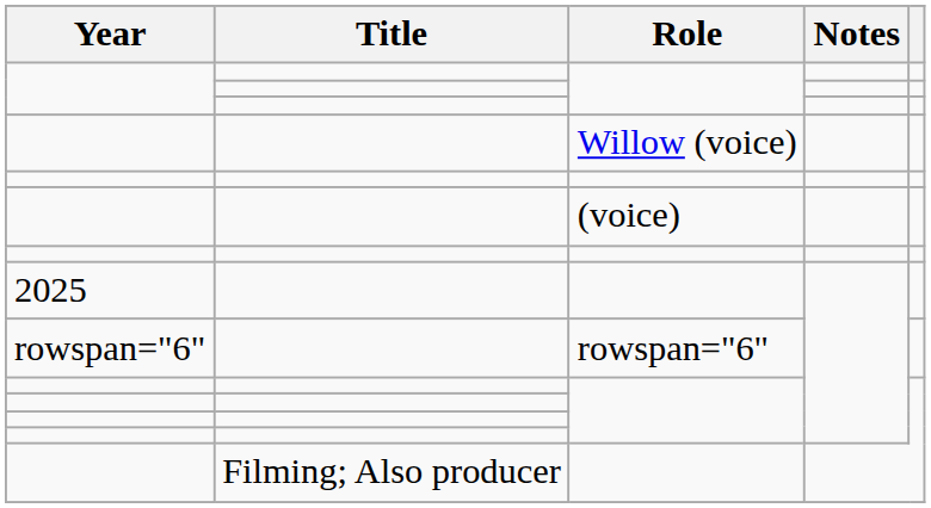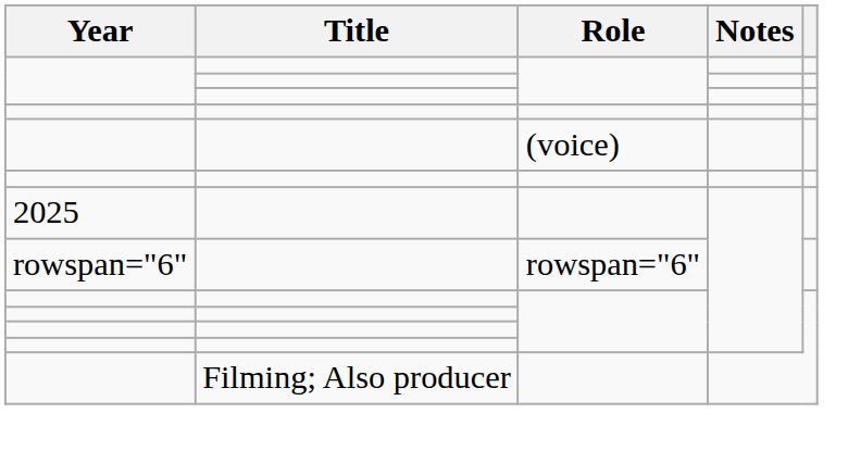 <table class="wikitable sortable plainrowheaders">
 <tr>
 <th scope="col">Year</th>
 <th scope="col">Title</th>
 <th scope="col">Role</th>
 <th scope="col" class="unsortable">Notes</th>
 <th scope="col" class="unsortable"></th>
 </tr>
 <tr>
 <td rowspan="3"></td>
 <td><em></em></td>
 <td rowspan="3"></td>
 <td></td>
 <td></td>
 </tr>
 <tr>
 <td><em></em></td>
 <td></td>
 <td></td>
 </tr>
 <tr>
 <td><em></em></td>
-<td></td>
-<td></td>
-</tr>
-<tr>
-<td></td>
-<td><em></em></td>
-<td><a href='#'>Willow</a> (voice)</td>
 <td></td>
 <td></td>
 </tr>
 <tr>
 <td></td>
 <td><em></em></td>
 <td></td>
 <td></td>
 <td></td>
 </tr>
 <tr>
 <td></td>
 <td><em></em></td>
 <td> (voice)</td>
 <td></td>
 <td></td>
 </tr>
 <tr>
 <td></td>
 <td><em></em></td>
 <td></td>
 <td></td>
 <td></td>
 </tr>
 <tr>
 <td>2025</td>
 <td></td>
 <td></td>
 <td rowspan="6"></td>
 <td></td>
 </tr>
 <tr>
 <td>rowspan="6" </td>
 <td></td>
 <td>rowspan="6"  </td>
 <td></td>
 </tr>
 <tr>
 <td></td>
 <td></td>
 </tr>
 <tr>
 <td></td>
 <td></td>
 </tr>
 <tr>
 <td></td>
 <td></td>
 </tr>
 <tr>
 <td></td>
 <td></td>
 </tr>
 <tr>
 <td></td>
 <td>Filming; Also producer</td>
 <td></td>
 </tr>
 </table>
